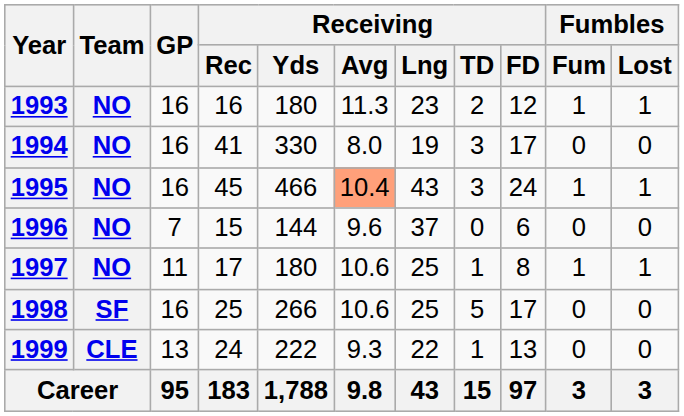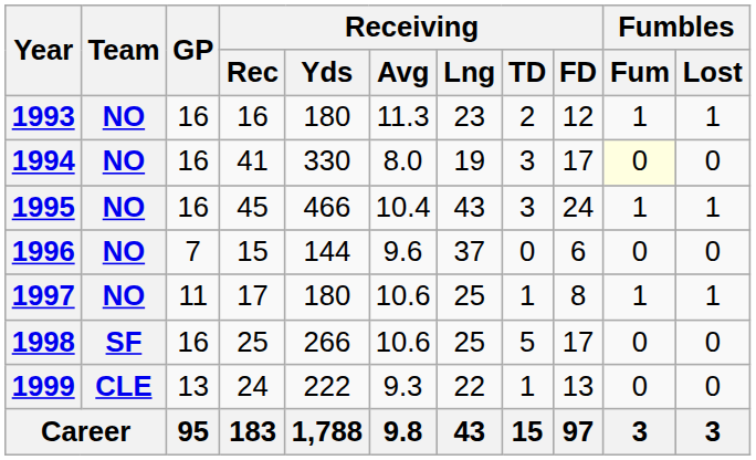 <table class="wikitable" style="text-align:center;">
 <tr>
 <th rowspan="2">Year</th>
 <th rowspan="2">Team</th>
 <th rowspan="2">GP</th>
 <th colspan="6">Receiving</th>
 <th colspan="2">Fumbles</th>
 </tr>
 <tr>
 <th>Rec</th>
 <th>Yds</th>
 <th>Avg</th>
 <th>Lng</th>
 <th>TD</th>
 <th>FD</th>
 <th>Fum</th>
 <th>Lost</th>
 </tr>
 <tr>
 <th><a href='#'>1993</a></th>
 <th><a href='#'>NO</a></th>
 <td>16</td>
 <td>16</td>
 <td>180</td>
 <td>11.3</td>
 <td>23</td>
 <td>2</td>
 <td>12</td>
 <td>1</td>
 <td>1</td>
 </tr>
 <tr>
 <th><a href='#'>1994</a></th>
 <th><a href='#'>NO</a></th>
 <td>16</td>
 <td>41</td>
 <td>330</td>
 <td>8.0</td>
 <td>19</td>
 <td>3</td>
 <td>17</td>
-<td>0</td>
+<td style="background: lightyellow;">0</td>
 <td>0</td>
 </tr>
 <tr>
 <th><a href='#'>1995</a></th>
 <th><a href='#'>NO</a></th>
 <td>16</td>
 <td>45</td>
 <td>466</td>
-<td style="background: lightsalmon;">10.4</td>
+<td>10.4</td>
 <td>43</td>
 <td>3</td>
 <td>24</td>
 <td>1</td>
 <td>1</td>
 </tr>
 <tr>
 <th><a href='#'>1996</a></th>
 <th><a href='#'>NO</a></th>
 <td>7</td>
 <td>15</td>
 <td>144</td>
 <td>9.6</td>
 <td>37</td>
 <td>0</td>
 <td>6</td>
 <td>0</td>
 <td>0</td>
 </tr>
 <tr>
 <th><a href='#'>1997</a></th>
 <th><a href='#'>NO</a></th>
 <td>11</td>
 <td>17</td>
 <td>180</td>
 <td>10.6</td>
 <td>25</td>
 <td>1</td>
 <td>8</td>
 <td>1</td>
 <td>1</td>
 </tr>
 <tr>
 <th><a href='#'>1998</a></th>
 <th><a href='#'>SF</a></th>
 <td>16</td>
 <td>25</td>
 <td>266</td>
 <td>10.6</td>
 <td>25</td>
 <td>5</td>
 <td>17</td>
 <td>0</td>
 <td>0</td>
 </tr>
 <tr>
 <th><a href='#'>1999</a></th>
 <th><a href='#'>CLE</a></th>
 <td>13</td>
 <td>24</td>
 <td>222</td>
 <td>9.3</td>
 <td>22</td>
 <td>1</td>
 <td>13</td>
 <td>0</td>
 <td>0</td>
 </tr>
 <tr>
 <th colspan="2">Career</th>
 <th>95</th>
 <th>183</th>
 <th>1,788</th>
 <th>9.8</th>
 <th>43</th>
 <th>15</th>
 <th>97</th>
 <th>3</th>
 <th>3</th>
 </tr>
 </table>
